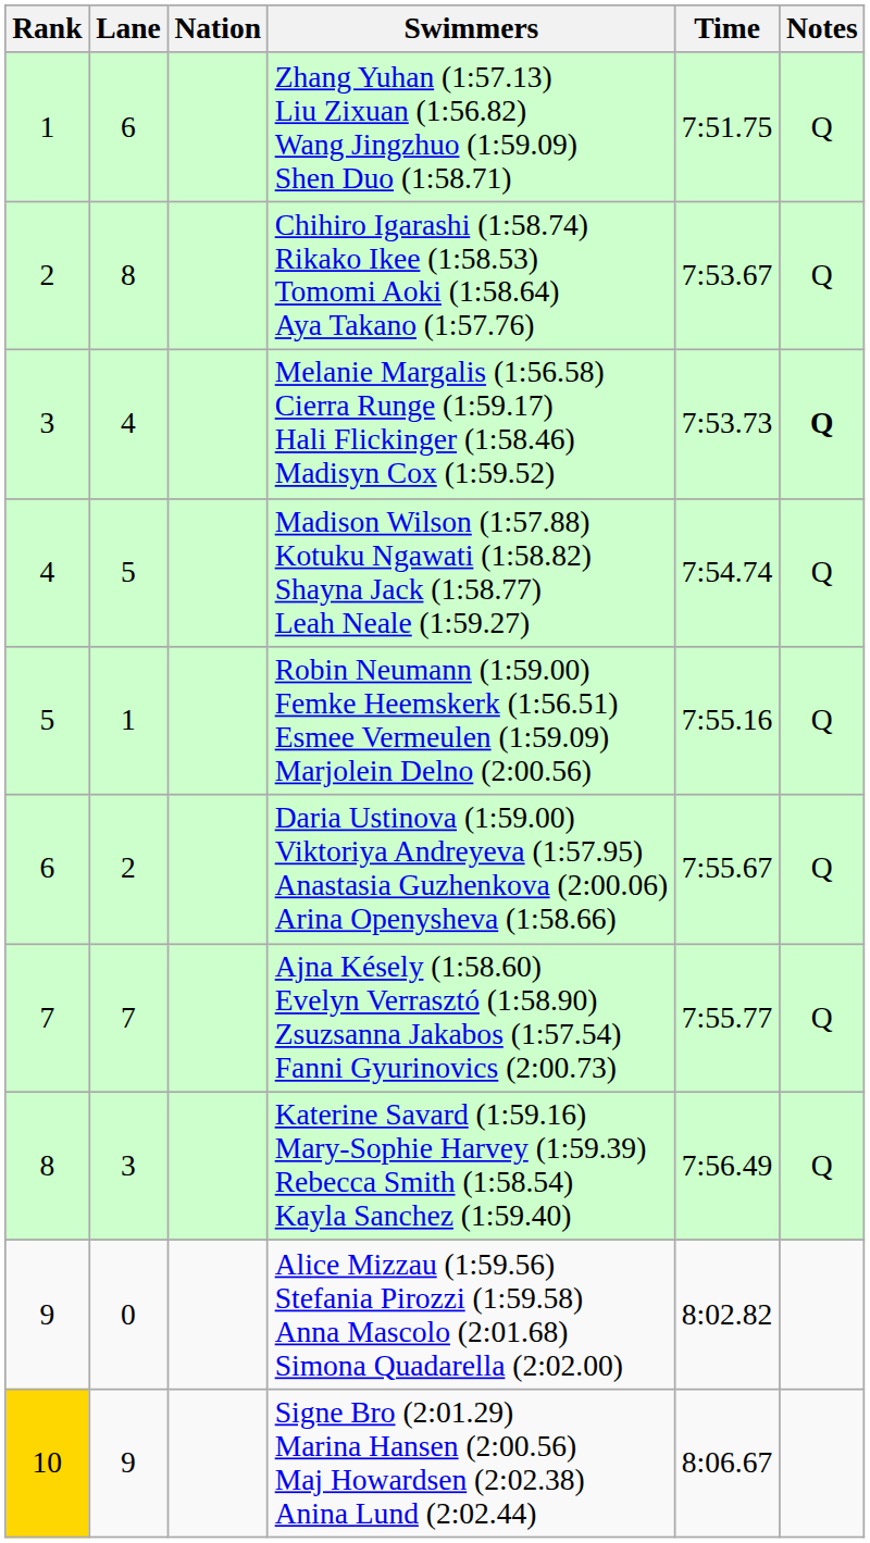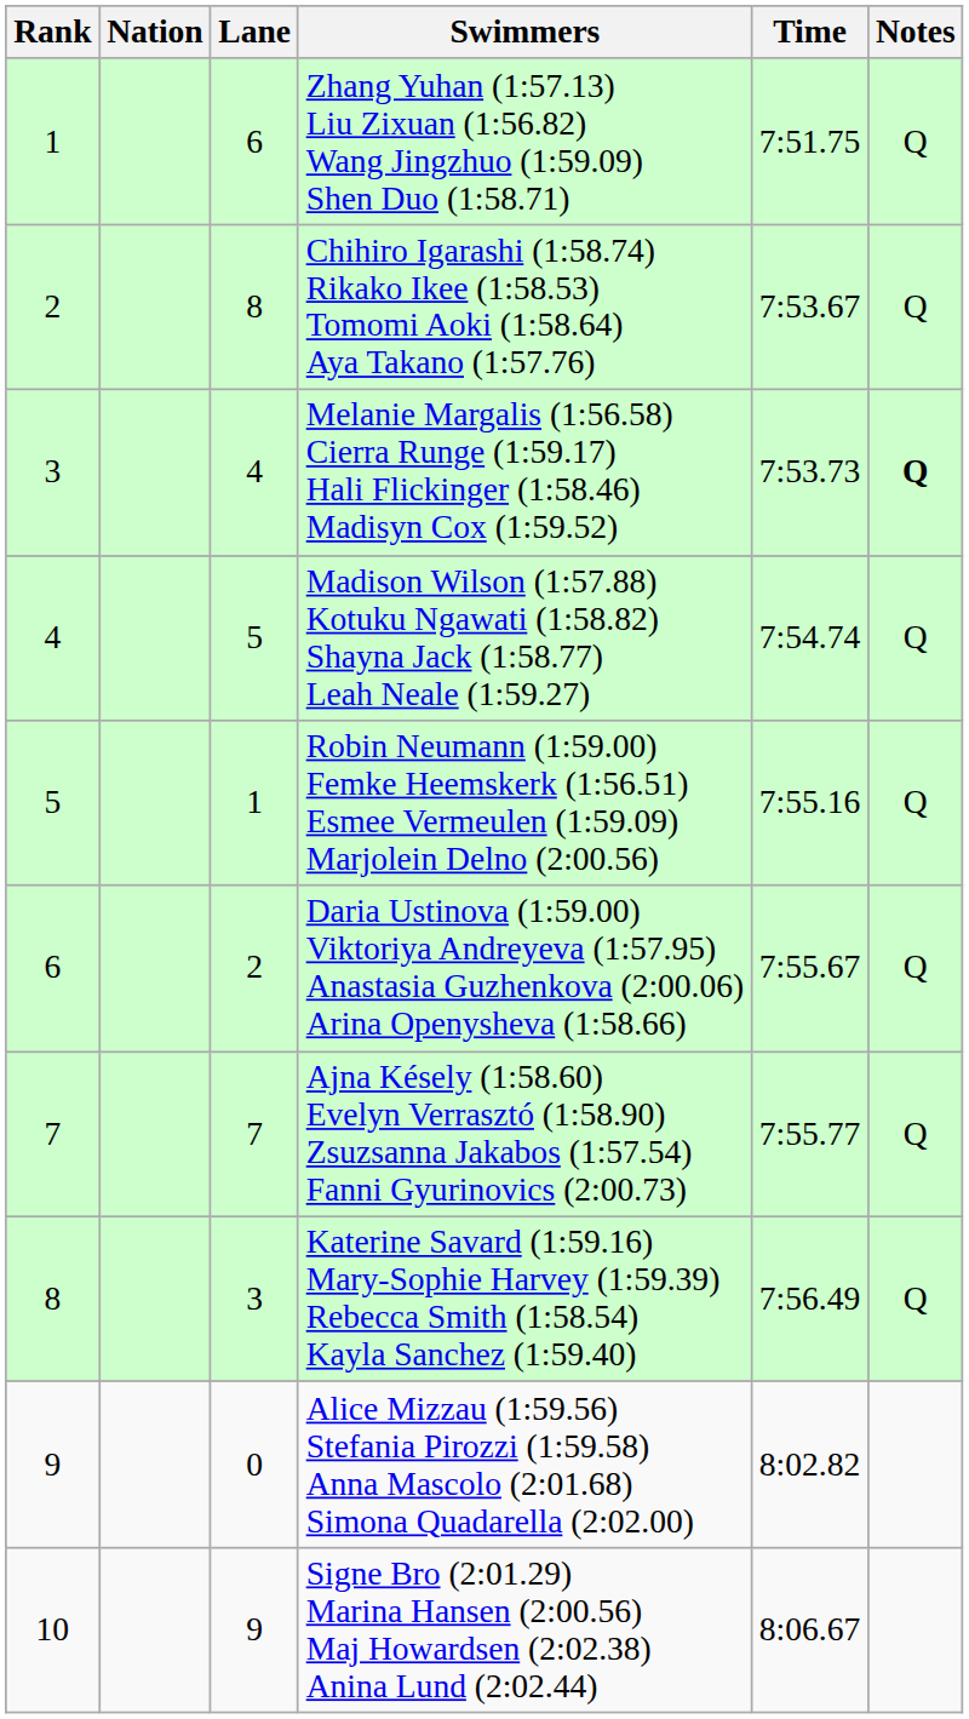 <table class="wikitable sortable" style="text-align:center">
 <tr>
 <th>Rank</th>
+<th>Nation</th>
 <th>Lane</th>
-<th>Nation</th>
 <th>Swimmers</th>
 <th>Time</th>
 <th>Notes</th>
 </tr>
 <tr bgcolor=ccffcc>
 <td>1</td>
+<td align=left></td>
 <td>6</td>
-<td align=left></td>
 <td align=left><a href='#'>Zhang Yuhan</a> (1:57.13)<br><a href='#'>Liu Zixuan</a> (1:56.82)<br><a href='#'>Wang Jingzhuo</a> (1:59.09)<br><a href='#'>Shen Duo</a> (1:58.71)</td>
 <td>7:51.75</td>
 <td>Q</td>
 </tr>
 <tr bgcolor=ccffcc>
 <td>2</td>
+<td align=left></td>
 <td>8</td>
-<td align=left></td>
 <td align=left><a href='#'>Chihiro Igarashi</a> (1:58.74)<br><a href='#'>Rikako Ikee</a> (1:58.53)<br><a href='#'>Tomomi Aoki</a> (1:58.64)<br><a href='#'>Aya Takano</a> (1:57.76)</td>
 <td>7:53.67</td>
 <td>Q</td>
 </tr>
 <tr bgcolor=ccffcc>
 <td>3</td>
+<td align=left></td>
 <td>4</td>
-<td align=left></td>
 <td align=left><a href='#'>Melanie Margalis</a> (1:56.58)<br><a href='#'>Cierra Runge</a> (1:59.17)<br><a href='#'>Hali Flickinger</a> (1:58.46)<br><a href='#'>Madisyn Cox</a> (1:59.52)</td>
 <td>7:53.73</td>
 <td><strong>Q</strong></td>
 </tr>
 <tr bgcolor=ccffcc>
 <td>4</td>
+<td align=left></td>
 <td>5</td>
-<td align=left></td>
 <td align=left><a href='#'>Madison Wilson</a> (1:57.88)<br><a href='#'>Kotuku Ngawati</a> (1:58.82)<br><a href='#'>Shayna Jack</a> (1:58.77)<br><a href='#'>Leah Neale</a> (1:59.27)</td>
 <td>7:54.74</td>
 <td>Q</td>
 </tr>
 <tr bgcolor=ccffcc>
 <td>5</td>
+<td align=left></td>
 <td>1</td>
-<td align=left></td>
 <td align=left><a href='#'>Robin Neumann</a> (1:59.00)<br><a href='#'>Femke Heemskerk</a> (1:56.51)<br><a href='#'>Esmee Vermeulen</a> (1:59.09)<br><a href='#'>Marjolein Delno</a> (2:00.56)</td>
 <td>7:55.16</td>
 <td>Q</td>
 </tr>
 <tr bgcolor=ccffcc>
 <td>6</td>
+<td align=left></td>
 <td>2</td>
-<td align=left></td>
 <td align=left><a href='#'>Daria Ustinova</a> (1:59.00)<br><a href='#'>Viktoriya Andreyeva</a> (1:57.95)<br><a href='#'>Anastasia Guzhenkova</a> (2:00.06)<br><a href='#'>Arina Openysheva</a> (1:58.66)</td>
 <td>7:55.67</td>
 <td>Q</td>
 </tr>
 <tr bgcolor=ccffcc>
 <td>7</td>
+<td align=left></td>
 <td>7</td>
-<td align=left></td>
 <td align=left><a href='#'>Ajna Késely</a> (1:58.60)<br><a href='#'>Evelyn Verrasztó</a> (1:58.90)<br><a href='#'>Zsuzsanna Jakabos</a> (1:57.54)<br><a href='#'>Fanni Gyurinovics</a> (2:00.73)</td>
 <td>7:55.77</td>
 <td>Q</td>
 </tr>
 <tr bgcolor=ccffcc>
 <td>8</td>
+<td align=left></td>
 <td>3</td>
-<td align=left></td>
 <td align=left><a href='#'>Katerine Savard</a> (1:59.16)<br><a href='#'>Mary-Sophie Harvey</a> (1:59.39)<br><a href='#'>Rebecca Smith</a> (1:58.54)<br><a href='#'>Kayla Sanchez</a> (1:59.40)</td>
 <td>7:56.49</td>
 <td>Q</td>
 </tr>
 <tr>
 <td>9</td>
+<td align=left></td>
 <td>0</td>
-<td align=left></td>
 <td align=left><a href='#'>Alice Mizzau</a> (1:59.56)<br><a href='#'>Stefania Pirozzi</a> (1:59.58)<br><a href='#'>Anna Mascolo</a> (2:01.68)<br><a href='#'>Simona Quadarella</a> (2:02.00)</td>
 <td>8:02.82</td>
 <td></td>
 </tr>
 <tr>
-<td style="background: gold;">10</td>
+<td>10</td>
+<td align=left></td>
 <td>9</td>
-<td align=left></td>
 <td align=left><a href='#'>Signe Bro</a> (2:01.29)<br><a href='#'>Marina Hansen</a> (2:00.56)<br><a href='#'>Maj Howardsen</a> (2:02.38)<br><a href='#'>Anina Lund</a> (2:02.44)</td>
 <td>8:06.67</td>
 <td></td>
 </tr>
 </table>
